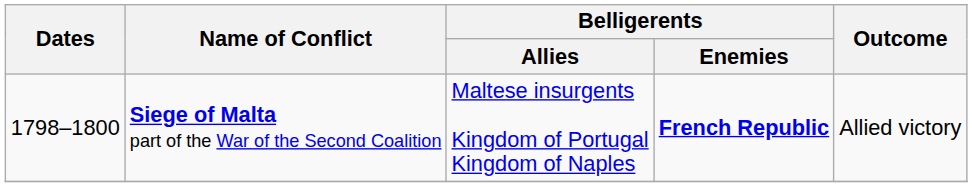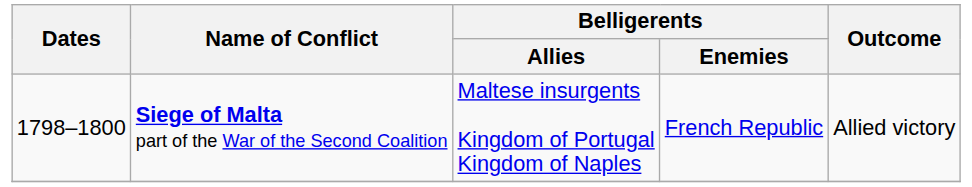 <table class="wikitable" style="margin:1em auto;">
 <tr>
 <th rowspan="2">Dates</th>
 <th rowspan="2">Name of Conflict</th>
 <th colspan="2">Belligerents</th>
 <th rowspan="2">Outcome</th>
 </tr>
 <tr>
 <th>Allies</th>
 <th>Enemies</th>
 </tr>
 <tr>
 <td>1798–1800</td>
 <td><strong><a href='#'>Siege of Malta</a></strong><br><small>part of the <a href='#'>War of the Second Coalition</a></small></td>
 <td> <a href='#'>Maltese insurgents</a><br><br> <a href='#'>Kingdom of Portugal</a><br> <a href='#'>Kingdom of Naples</a></td>
-<td><strong> <a href='#'>French Republic</a></strong></td>
+<td> <a href='#'>French Republic</a></td>
 <td>Allied victory</td>
 </tr>
 <tr>
 </tr>
 </table>
